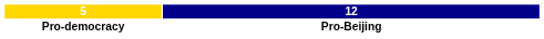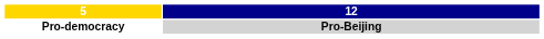 <table style="width:60%; text-align:center;">
 <tr style="color:white;">
 <td style="background:gold; width:29.41%;"><strong>5</strong></td>
 <td style="background:darkblue; width:70.59%;"><strong>12</strong></td>
 </tr>
 <tr>
 <td><span><strong>Pro-democracy</strong></span></td>
-<td><span><strong>Pro-Beijing</strong></span></td>
+<td style="background: lightgrey;"><span><strong>Pro-Beijing</strong></span></td>
 </tr>
 </table>
